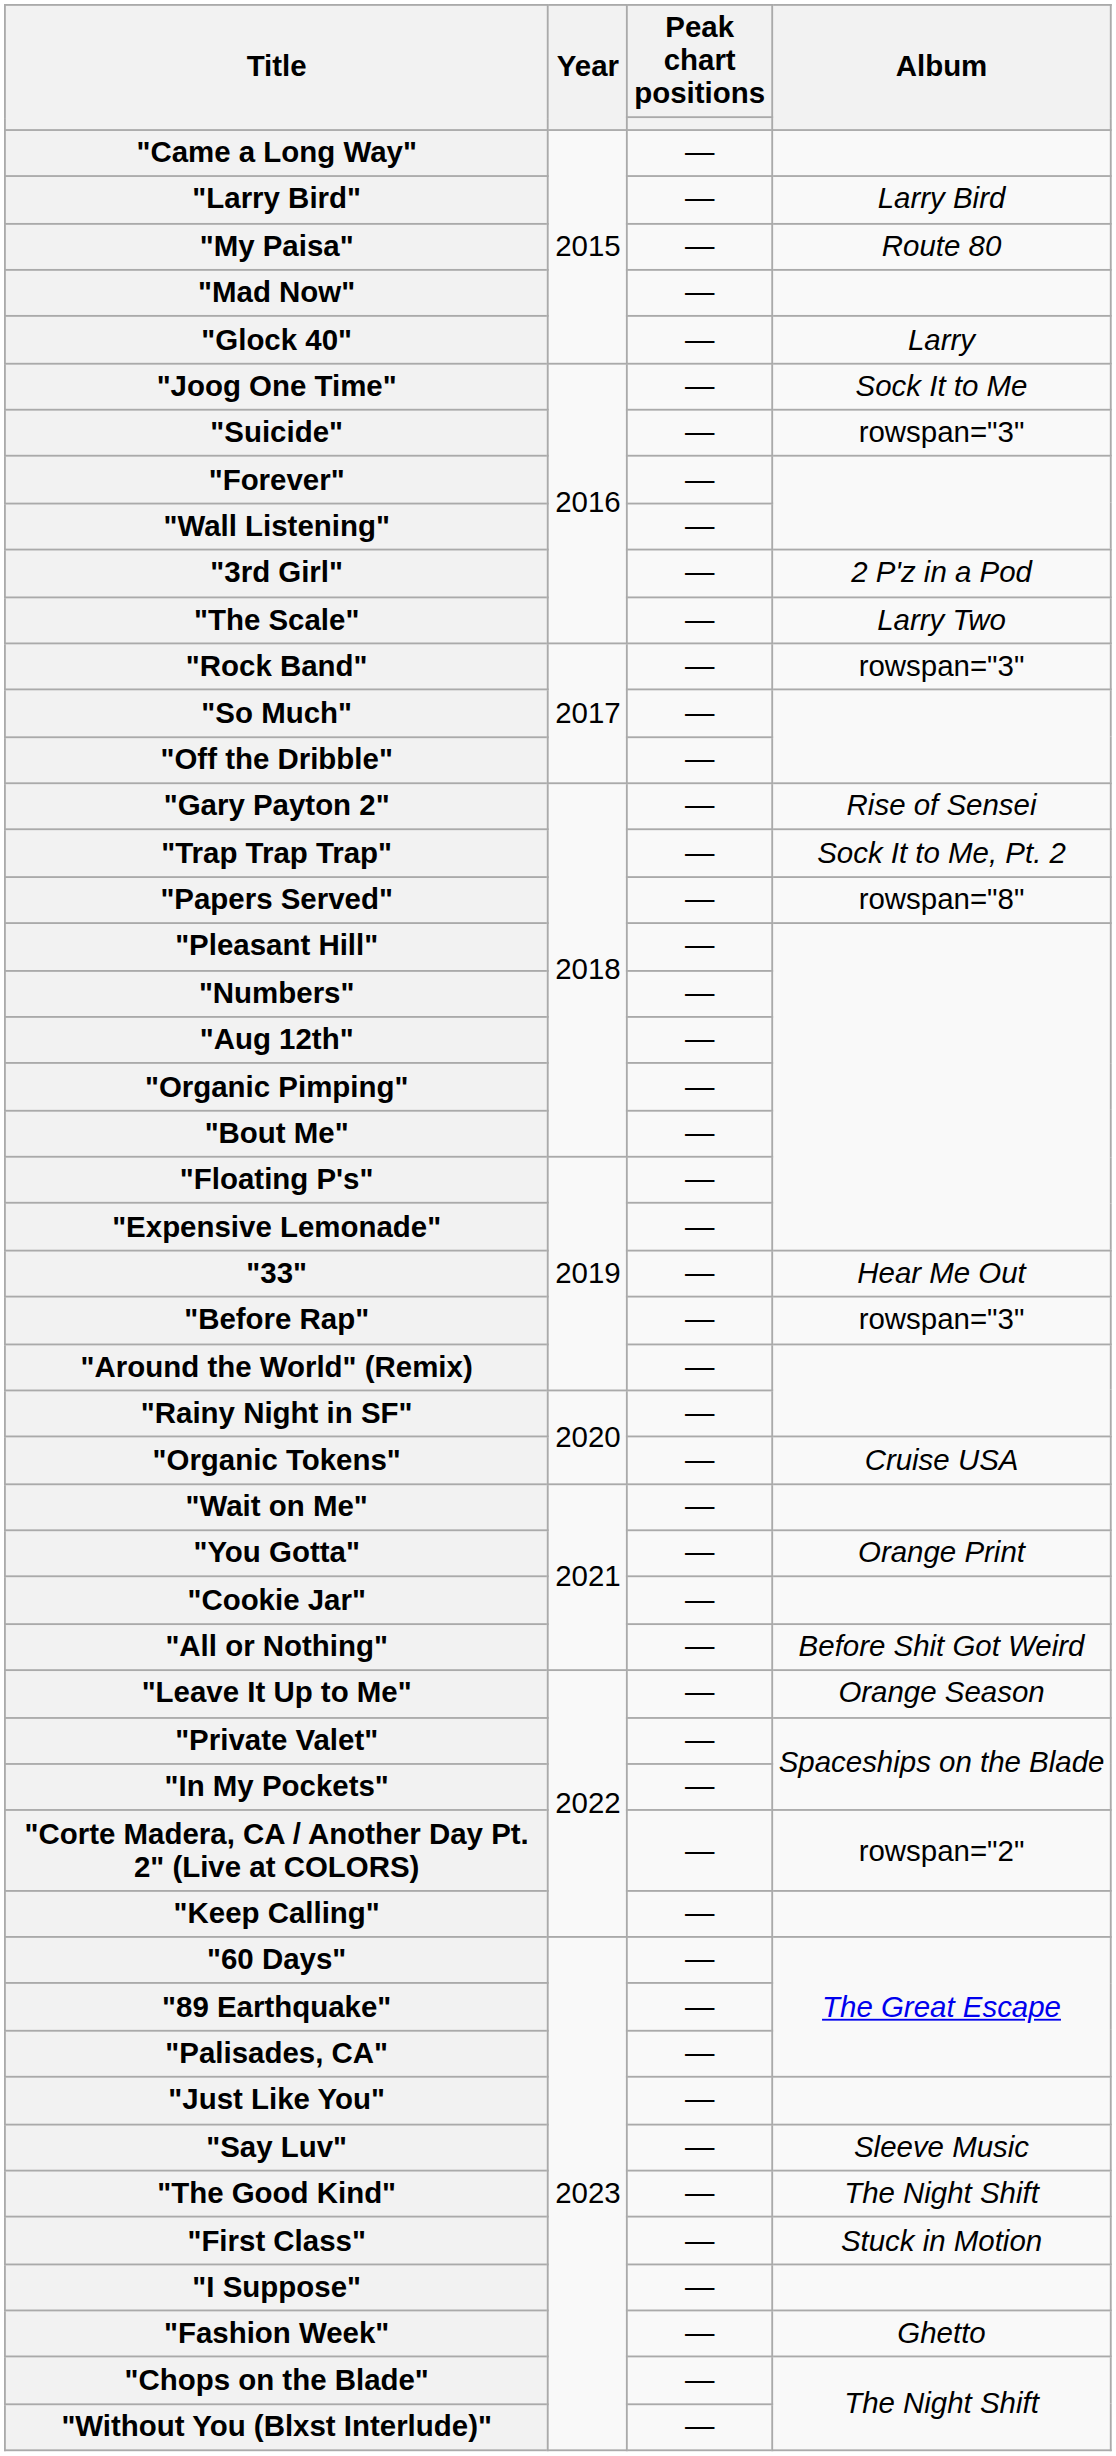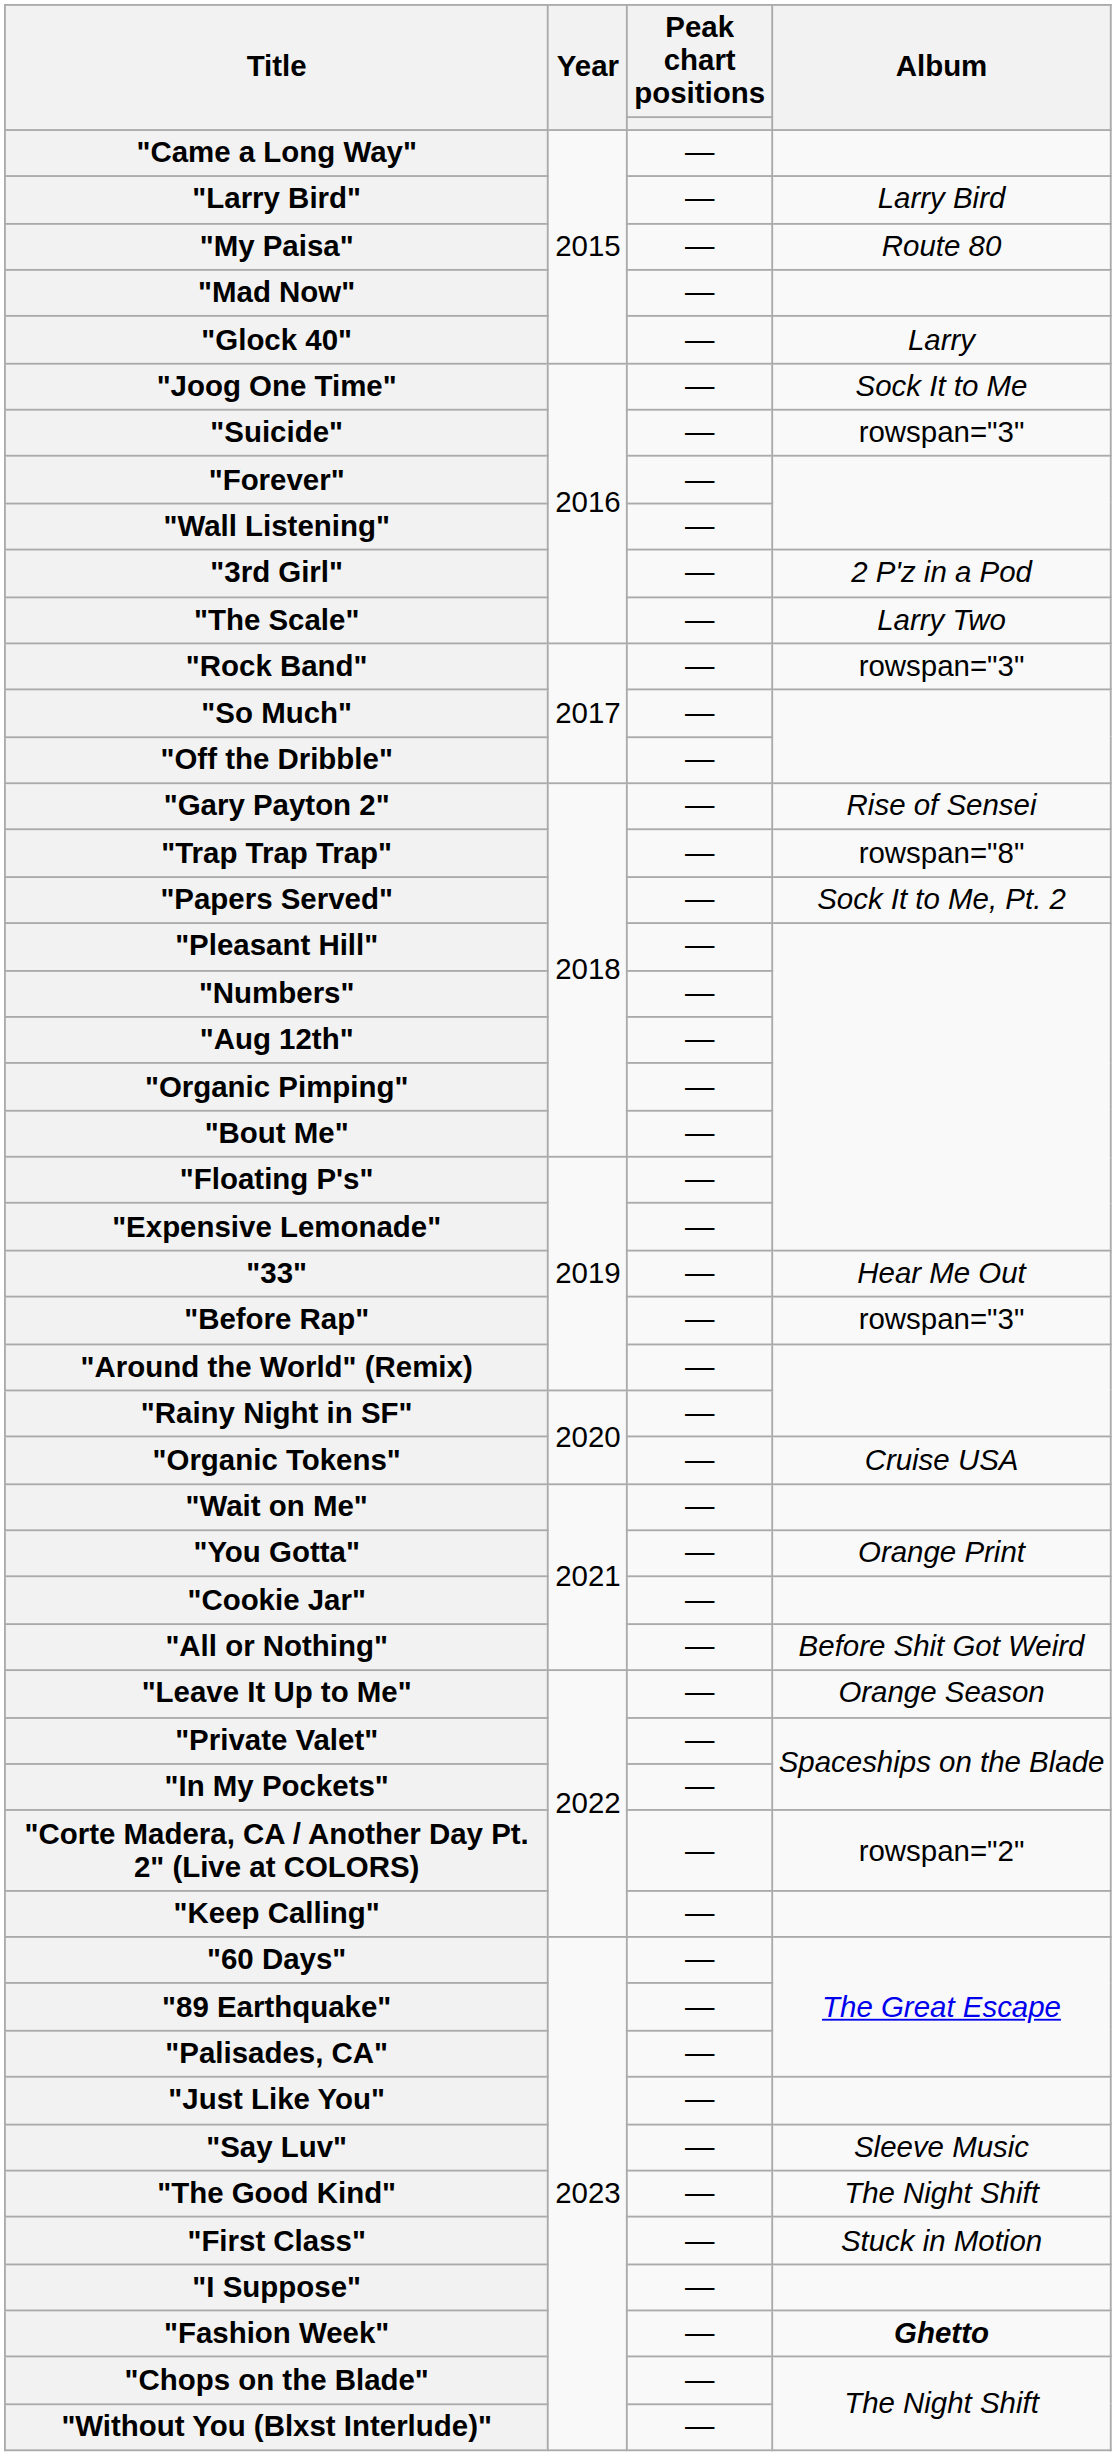 <table class="wikitable plainrowheaders" style="text-align:center;">
 <tr>
 <th scope="col" rowspan="2" style="width:18em;">Title</th>
 <th scope="col" rowspan="2" style="width:1em;">Year</th>
 <th scope="col" colspan="1">Peak chart positions</th>
 <th scope="col" rowspan="2">Album</th>
 </tr>
 <tr>
 <th scope="col" style="width:3em;font-size:85%;"></th>
 </tr>
 <tr>
 <th scope="row">"Came a Long Way"</th>
 <td rowspan="5">2015</td>
 <td>—</td>
 <td></td>
 </tr>
 <tr>
 <th scope="row">"Larry Bird"</th>
 <td>—</td>
 <td><em>Larry Bird</em></td>
 </tr>
 <tr>
 <th scope="row">"My Paisa"</th>
 <td>—</td>
 <td><em>Route 80</em></td>
 </tr>
 <tr>
 <th scope="row">"Mad Now"<br></th>
 <td>—</td>
 <td></td>
 </tr>
 <tr>
 <th scope="row">"Glock 40"</th>
 <td>—</td>
 <td><em>Larry</em></td>
 </tr>
 <tr>
 <th scope="row">"Joog One Time"</th>
 <td rowspan="6">2016</td>
 <td>—</td>
 <td><em>Sock It to Me</em></td>
 </tr>
 <tr>
 <th scope="row">"Suicide"</th>
 <td>—</td>
 <td>rowspan="3" </td>
 </tr>
 <tr>
 <th scope="row">"Forever"</th>
 <td>—</td>
 </tr>
 <tr>
 <th scope="row">"Wall Listening"</th>
 <td>—</td>
 </tr>
 <tr>
 <th scope="row">"3rd Girl"<br></th>
 <td>—</td>
 <td><em>2 P'z in a Pod</em></td>
 </tr>
 <tr>
 <th scope="row">"The Scale"</th>
 <td>—</td>
 <td rowspan="1"><em>Larry Two</em></td>
 </tr>
 <tr>
 <th scope="row">"Rock Band"</th>
 <td rowspan="3">2017</td>
 <td>—</td>
 <td>rowspan="3" </td>
 </tr>
 <tr>
 <th scope="row">"So Much"</th>
 <td>—</td>
 </tr>
 <tr>
 <th scope="row">"Off the Dribble"</th>
 <td>—</td>
 </tr>
 <tr>
 <th scope="row">"Gary Payton 2"<br></th>
 <td rowspan="8">2018</td>
 <td>—</td>
 <td><em>Rise of Sensei</em></td>
 </tr>
 <tr>
 <th scope="row">"Trap Trap Trap"</th>
 <td>—</td>
-<td><em>Sock It to Me, Pt. 2</em></td>
+<td>rowspan="8" </td>
 </tr>
 <tr>
 <th scope="row">"Papers Served"</th>
 <td>—</td>
-<td>rowspan="8" </td>
+<td><em>Sock It to Me, Pt. 2</em></td>
 </tr>
 <tr>
 <th scope="row">"Pleasant Hill"</th>
 <td>—</td>
 </tr>
 <tr>
 <th scope="row">"Numbers"</th>
 <td>—</td>
 </tr>
 <tr>
 <th scope="row">"Aug 12th"</th>
 <td>—</td>
 </tr>
 <tr>
 <th scope="row">"Organic Pimping"<br></th>
 <td>—</td>
 </tr>
 <tr>
 <th scope="row">"Bout Me"<br></th>
 <td>—</td>
 </tr>
 <tr>
 <th scope="row">"Floating P's"</th>
 <td rowspan="5">2019</td>
 <td>—</td>
 </tr>
 <tr>
 <th scope="row">"Expensive Lemonade"</th>
 <td>—</td>
 </tr>
 <tr>
 <th scope="row">"33"<br></th>
 <td>—</td>
 <td><em>Hear Me Out</em></td>
 </tr>
 <tr>
 <th scope="row">"Before Rap"<br></th>
 <td>—</td>
 <td>rowspan="3" </td>
 </tr>
 <tr>
 <th scope="row">"Around the World" (Remix) <br></th>
 <td>—</td>
 </tr>
 <tr>
 <th scope="row">"Rainy Night in SF"<br></th>
 <td rowspan="2">2020</td>
 <td>—</td>
 </tr>
 <tr>
 <th scope="row">"Organic Tokens"<br></th>
 <td>—</td>
 <td><em>Cruise USA</em></td>
 </tr>
 <tr>
 <th scope="row">"Wait on Me"</th>
 <td rowspan="4">2021</td>
 <td>—</td>
 <td></td>
 </tr>
 <tr>
 <th scope="row">"You Gotta"</th>
 <td>—</td>
 <td><em>Orange Print</em></td>
 </tr>
 <tr>
 <th scope="row">"Cookie Jar"<br></th>
 <td>—</td>
 <td></td>
 </tr>
 <tr>
 <th scope="row">"All or Nothing"<br></th>
 <td>—</td>
 <td><em>Before Shit Got Weird</em></td>
 </tr>
 <tr>
 <th scope="row">"Leave It Up to Me"<br></th>
 <td rowspan="5">2022</td>
 <td>—</td>
 <td><em>Orange Season</em></td>
 </tr>
 <tr>
 <th scope="row">"Private Valet"</th>
 <td>—</td>
 <td rowspan="2"><em>Spaceships on the Blade</em></td>
 </tr>
 <tr>
 <th scope="row">"In My Pockets"</th>
 <td>—</td>
 </tr>
 <tr>
 <th scope="row">"Corte Madera, CA / Another Day Pt. 2" (Live at COLORS)</th>
 <td>—</td>
 <td>rowspan="2" </td>
 </tr>
 <tr>
 <th scope="row">"Keep Calling"<br></th>
 <td>—</td>
 </tr>
 <tr>
 <th scope="row">"60 Days"<br></th>
 <td rowspan="11">2023</td>
 <td>—</td>
 <td rowspan="3"><em><a href='#'>The Great Escape</a></em></td>
 </tr>
 <tr>
 <th scope="row">"89 Earthquake"<br></th>
 <td>—</td>
 </tr>
 <tr>
 <th scope="row">"Palisades, CA"<br></th>
 <td>—</td>
 </tr>
 <tr>
 <th scope="row">"Just Like You"<br></th>
 <td>—</td>
 <td></td>
 </tr>
 <tr>
 <th scope="row">"Say Luv"<br></th>
 <td>—</td>
 <td><em>Sleeve Music</em></td>
 </tr>
 <tr>
 <th scope="row">"The Good Kind"<br></th>
 <td>—</td>
 <td><em>The Night Shift</em></td>
 </tr>
 <tr>
 <th scope="row">"First Class"<br></th>
 <td>—</td>
 <td><em>Stuck in Motion</em></td>
 </tr>
 <tr>
 <th scope="row">"I Suppose"<br></th>
 <td>—</td>
 <td></td>
 </tr>
 <tr>
 <th scope="row">"Fashion Week"<br></th>
 <td>—</td>
-<td><em>Ghetto</em></td>
+<td><strong><em>Ghetto</em></strong></td>
 </tr>
 <tr>
 <th scope="row">"Chops on the Blade"<br></th>
 <td>—</td>
 <td rowspan="2"><em>The Night Shift</em></td>
 </tr>
 <tr>
 <th scope="row">"Without You (Blxst Interlude)"<br></th>
 <td>—</td>
 </tr>
 </table>
